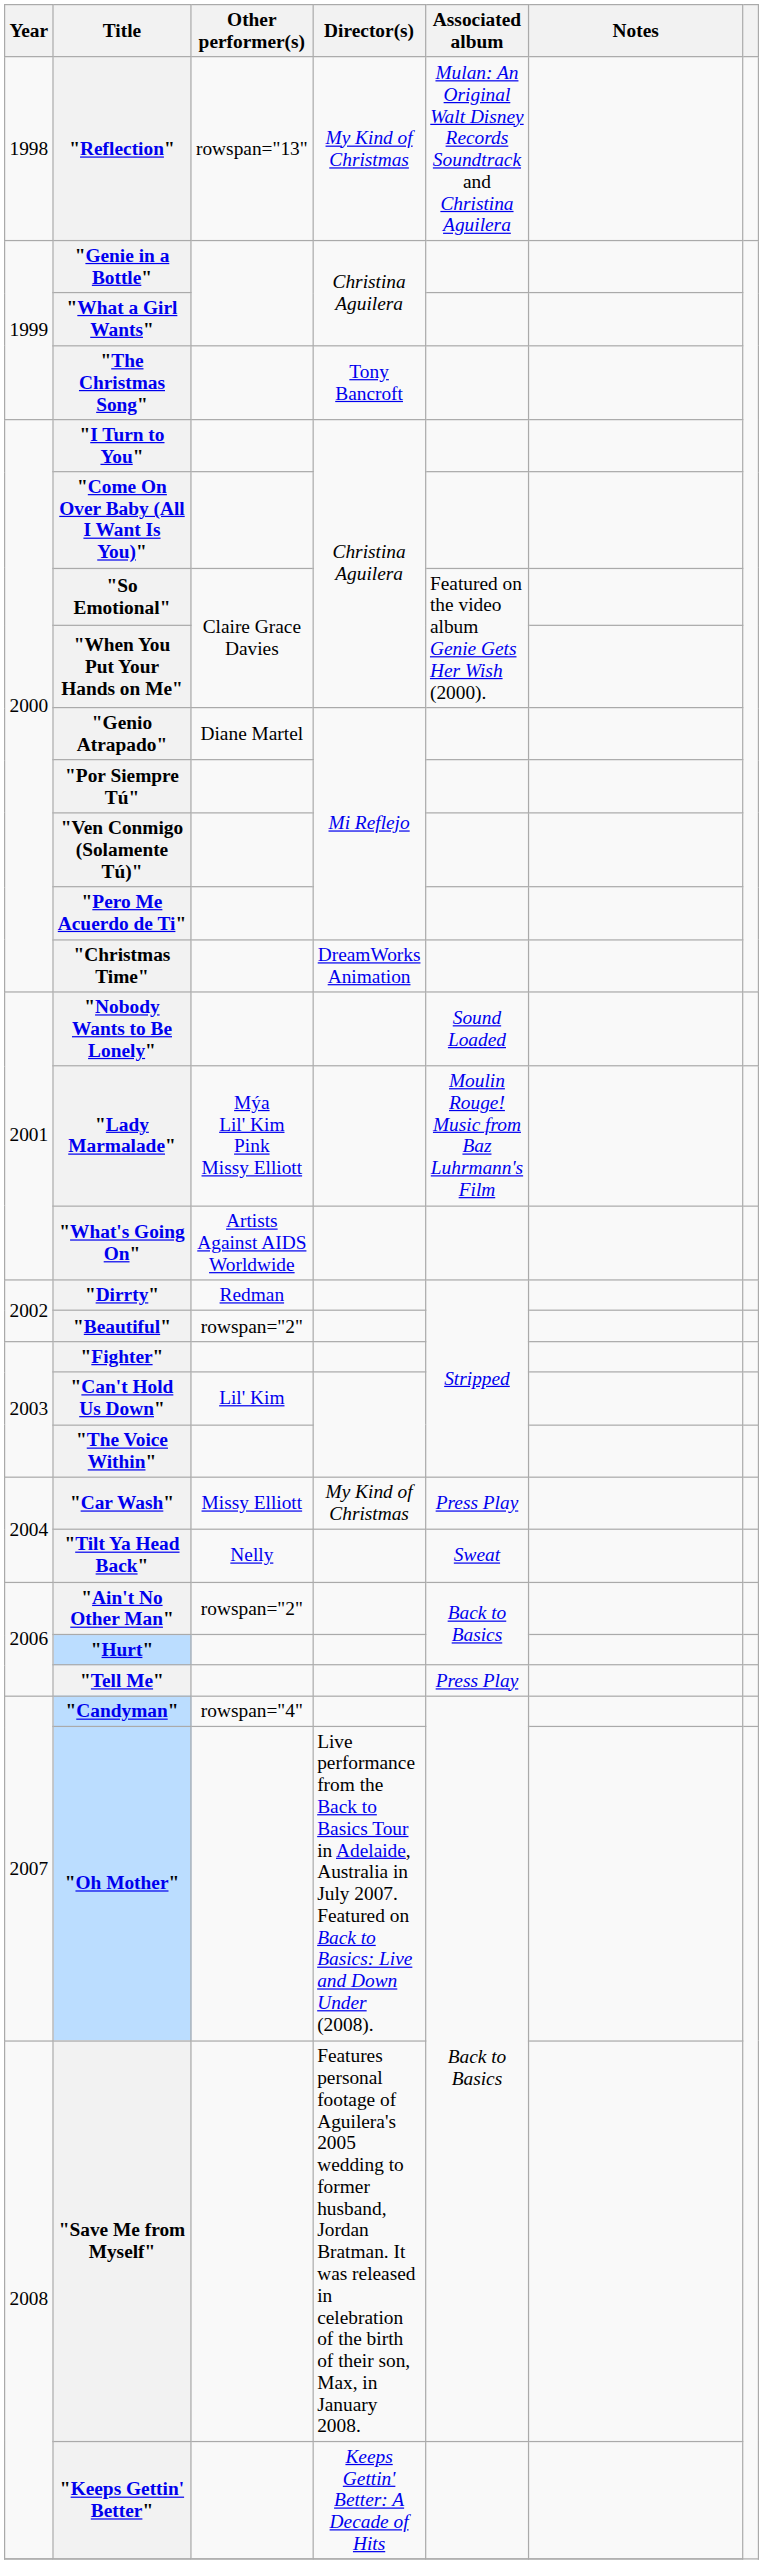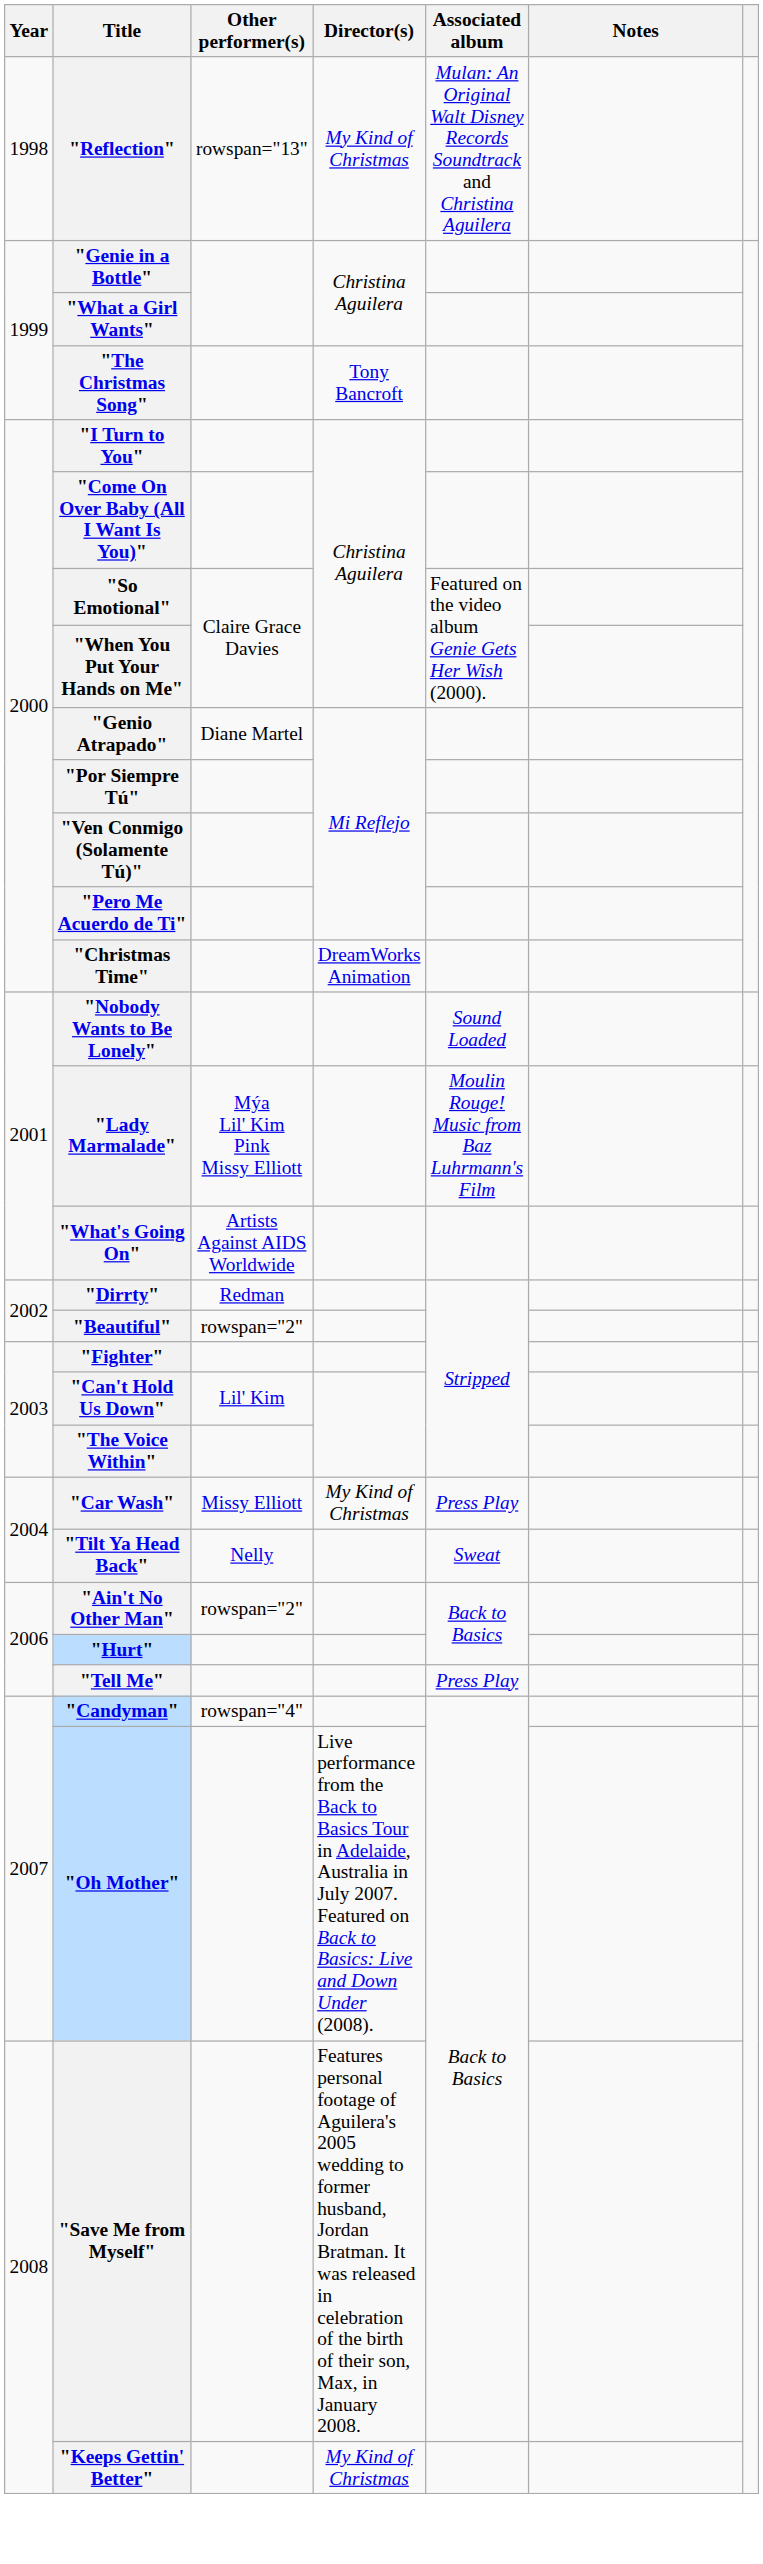 <table class="wikitable sortable plainrowheaders" style="text-align:center;" width="100%;">
 <tr>
 <th scope="col" style="width:6%;">Year</th>
 <th scope="col" style="width:18%;">Title</th>
 <th scope="col" style="width:9%;">Other performer(s)</th>
 <th scope="col" style="width:9%;">Director(s)</th>
 <th scope="col" style="width:13%;">Associated album</th>
 <th class="unsortable" scope="col" style="width:28%;">Notes</th>
 <th class="unsortable" scope="col" style="width:2%;"></th>
 </tr>
 <tr>
 <td>1998</td>
 <th scope="row">"<a href='#'>Reflection</a>"</th>
 <td>rowspan="13" </td>
 <td><em><a href='#'>My Kind of Christmas</a></em></td>
 <td><em><a href='#'>Mulan: An Original Walt Disney Records Soundtrack</a></em> and<br><em><a href='#'>Christina Aguilera</a></em></td>
 <td></td>
 <td></td>
 </tr>
 <tr>
 <td rowspan="3">1999</td>
 <th scope="row">"<a href='#'>Genie in a Bottle</a>"</th>
 <td rowspan="2"></td>
 <td rowspan="2"><em>Christina Aguilera</em></td>
 <td></td>
 <td></td>
 </tr>
 <tr>
 <th scope="row">"<a href='#'>What a Girl Wants</a>"</th>
 <td></td>
 <td></td>
 </tr>
 <tr>
 <th scope="row">"<a href='#'>The Christmas Song</a>"</th>
 <td><br></td>
 <td><a href='#'>Tony Bancroft</a></td>
 <td></td>
 <td><br><br></td>
 </tr>
 <tr>
 <td rowspan="9">2000</td>
 <th scope="row">"<a href='#'>I Turn to You</a>"</th>
 <td></td>
 <td rowspan="4"><em>Christina Aguilera</em></td>
 <td></td>
 <td></td>
 </tr>
 <tr>
 <th scope="row">"<a href='#'>Come On Over Baby (All I Want Is You)</a>"</th>
 <td></td>
 <td></td>
 <td></td>
 </tr>
 <tr>
 <th scope="row">"So Emotional"</th>
 <td rowspan="2">Claire Grace Davies</td>
 <td style="text-align:left;" rowspan="2">Featured on the video album <em><a href='#'>Genie Gets Her Wish</a></em> (2000).</td>
 <td></td>
 </tr>
 <tr>
 <th scope="row">"When You Put Your Hands on Me"</th>
 <td></td>
 </tr>
 <tr>
 <th scope="row">"Genio Atrapado"</th>
 <td>Diane Martel</td>
 <td rowspan="4"><em><a href='#'>Mi Reflejo</a></em></td>
 <td></td>
 <td></td>
 </tr>
 <tr>
 <th scope="row">"Por Siempre Tú"</th>
 <td></td>
 <td></td>
 <td></td>
 </tr>
 <tr>
 <th scope="row">"Ven Conmigo (Solamente Tú)"</th>
 <td><br></td>
 <td></td>
 <td></td>
 </tr>
 <tr>
 <th scope="row">"<a href='#'>Pero Me Acuerdo de Ti</a>"</th>
 <td></td>
 <td></td>
 <td></td>
 </tr>
 <tr>
 <th scope="row">"Christmas Time"</th>
 <td></td>
 <td><a href='#'>DreamWorks Animation</a></td>
 <td></td>
 <td><br><br></td>
 </tr>
 <tr>
 <td rowspan="3">2001</td>
 <th scope="row">"<a href='#'>Nobody Wants to Be Lonely</a>"</th>
 <td></td>
 <td></td>
 <td><em><a href='#'>Sound Loaded</a></em></td>
 <td></td>
 <td></td>
 </tr>
 <tr>
 <th scope="row">"<a href='#'>Lady Marmalade</a>"</th>
 <td><a href='#'>Mýa</a><br><a href='#'>Lil' Kim</a><br><a href='#'>Pink</a><br><a href='#'>Missy Elliott</a></td>
 <td></td>
 <td><em><a href='#'>Moulin Rouge! Music from Baz Luhrmann's Film</a></em></td>
 <td></td>
 <td></td>
 </tr>
 <tr>
 <th scope="row">"<a href='#'>What's Going On</a>"</th>
 <td><a href='#'>Artists Against AIDS Worldwide</a></td>
 <td></td>
 <td></td>
 <td></td>
 <td></td>
 </tr>
 <tr>
 <td rowspan="2">2002</td>
 <th scope="row">"<a href='#'>Dirrty</a>"</th>
 <td><a href='#'>Redman</a></td>
 <td></td>
 <td rowspan="5"><em><a href='#'>Stripped</a></em></td>
 <td></td>
 <td></td>
 </tr>
 <tr>
 <th scope="row">"<a href='#'>Beautiful</a>"</th>
 <td>rowspan="2" </td>
 <td></td>
 <td></td>
 <td></td>
 </tr>
 <tr>
 <td rowspan="3">2003</td>
 <th scope="row">"<a href='#'>Fighter</a>"</th>
 <td></td>
 <td></td>
 <td></td>
 </tr>
 <tr>
 <th scope="row">"<a href='#'>Can't Hold Us Down</a>"</th>
 <td><a href='#'>Lil' Kim</a></td>
 <td rowspan="2"></td>
 <td></td>
 <td></td>
 </tr>
 <tr>
 <th scope="row">"<a href='#'>The Voice Within</a>"</th>
 <td></td>
 <td></td>
 <td></td>
 </tr>
 <tr>
 <td rowspan="2">2004</td>
 <th scope="row">"<a href='#'>Car Wash</a>"</th>
 <td><a href='#'>Missy Elliott</a></td>
 <td><em>My Kind of Christmas</em></td>
 <td><em><a href='#'>Press Play</a></em></td>
 <td></td>
 <td></td>
 </tr>
 <tr>
 <th scope="row">"<a href='#'>Tilt Ya Head Back</a>"</th>
 <td><a href='#'>Nelly</a></td>
 <td></td>
 <td><em><a href='#'>Sweat</a></em></td>
 <td></td>
 <td></td>
 </tr>
 <tr>
 <td rowspan="3">2006</td>
 <th scope="row">"<a href='#'>Ain't No Other Man</a>"</th>
 <td>rowspan="2" </td>
 <td></td>
 <td rowspan="2"><em><a href='#'>Back to Basics</a></em></td>
 <td></td>
 <td></td>
 </tr>
 <tr>
 <th style="background:#bdf;" scope="row">"<a href='#'>Hurt</a>"</th>
 <td><br></td>
 <td></td>
 <td></td>
 </tr>
 <tr>
 <th scope="row">"<a href='#'>Tell Me</a>"</th>
 <td></td>
 <td></td>
 <td><em><a href='#'>Press Play</a></em></td>
 <td></td>
 <td></td>
 </tr>
 <tr>
 <td rowspan="2">2007</td>
 <th style="background:#bdf;" scope="row">"<a href='#'>Candyman</a>"</th>
 <td>rowspan="4" </td>
 <td><br></td>
 <td rowspan="3"><em>Back to Basics</em></td>
 <td></td>
 <td></td>
 </tr>
 <tr>
 <th style="background:#bdf;" scope="row">"<a href='#'>Oh Mother</a>"</th>
 <td><br></td>
 <td style="text-align:left;">Live performance from the <a href='#'>Back to Basics Tour</a> in <a href='#'>Adelaide</a>, Australia in July 2007.<br>Featured on <em><a href='#'>Back to Basics: Live and Down Under</a></em> (2008).</td>
 <td></td>
 </tr>
 <tr>
 <td rowspan="2">2008</td>
 <th scope="row">"Save Me from Myself"</th>
 <td></td>
 <td style="text-align:left;">Features personal footage of Aguilera's 2005 wedding to former husband, Jordan Bratman. It was released in celebration of the birth of their son, Max, in January 2008.</td>
 <td></td>
 </tr>
 <tr>
 <th scope="row">"<a href='#'>Keeps Gettin' Better</a>"</th>
 <td></td>
-<td><em><a href='#'>Keeps Gettin' Better: A Decade of Hits</a></em></td>
+<td><em><a href='#'>My Kind of Christmas</a></em></td>
 <td></td>
 <td></td>
 </tr>
 <tr>
 </tr>
 </table>
